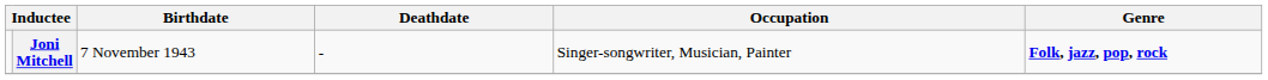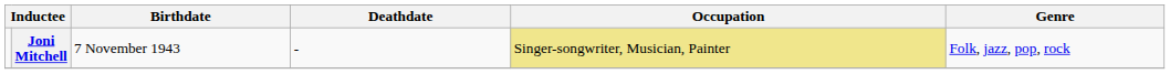 <table class="wikitable" width="100%">
 <tr>
 <th colspan=2>Inductee</th>
 <th width="20%">Birthdate</th>
 <th width="20%">Deathdate</th>
 <th width="40%">Occupation</th>
 <th width="40%">Genre</th>
 </tr>
 <tr>
 <td></td>
 <th><a href='#'>Joni Mitchell</a></th>
 <td>7 November 1943</td>
 <td>-</td>
-<td>Singer-songwriter, Musician, Painter</td>
-<td><strong><a href='#'>Folk</a>, <a href='#'>jazz</a>, <a href='#'>pop</a>, <a href='#'>rock</a></strong></td>
+<td style="background: khaki;">Singer-songwriter, Musician, Painter</td>
+<td><a href='#'>Folk</a>, <a href='#'>jazz</a>, <a href='#'>pop</a>, <a href='#'>rock</a></td>
 </tr>
 <tr>
 </tr>
 </table>
